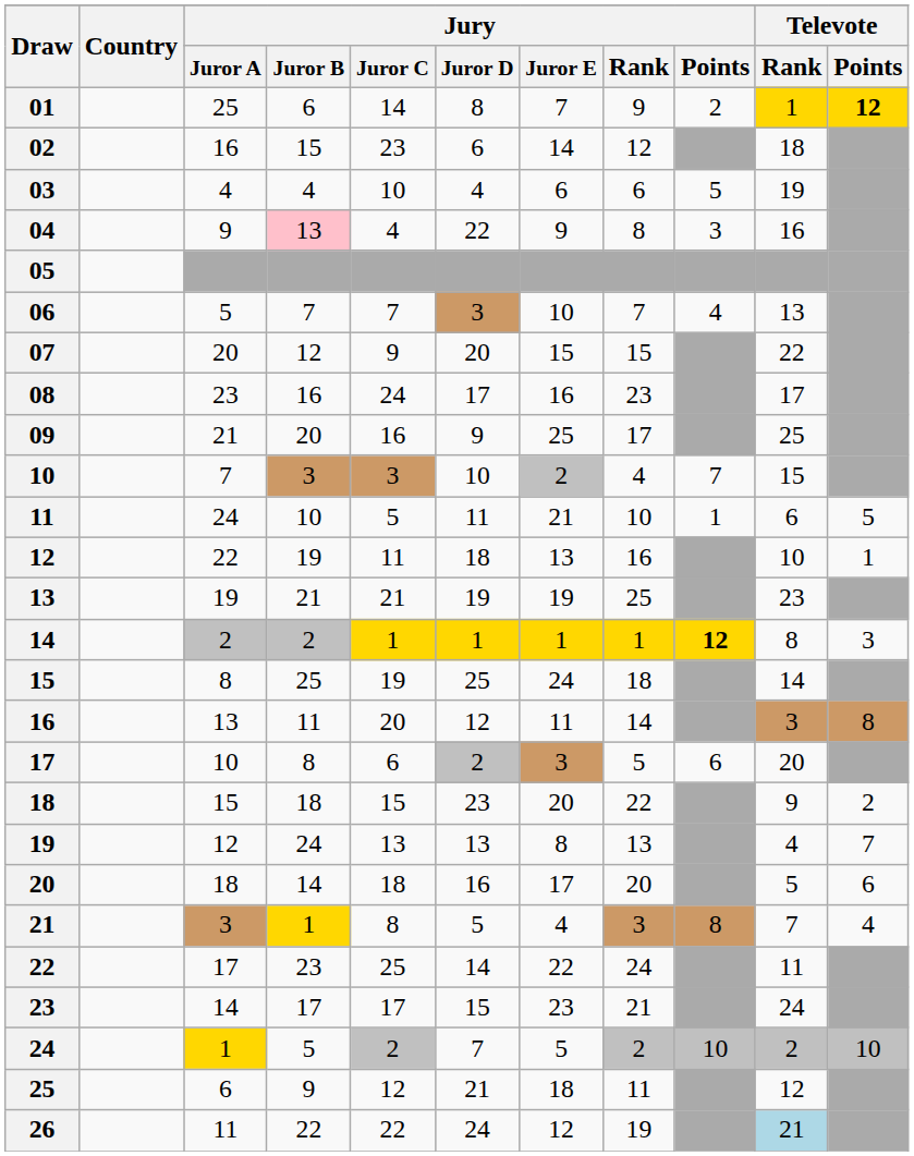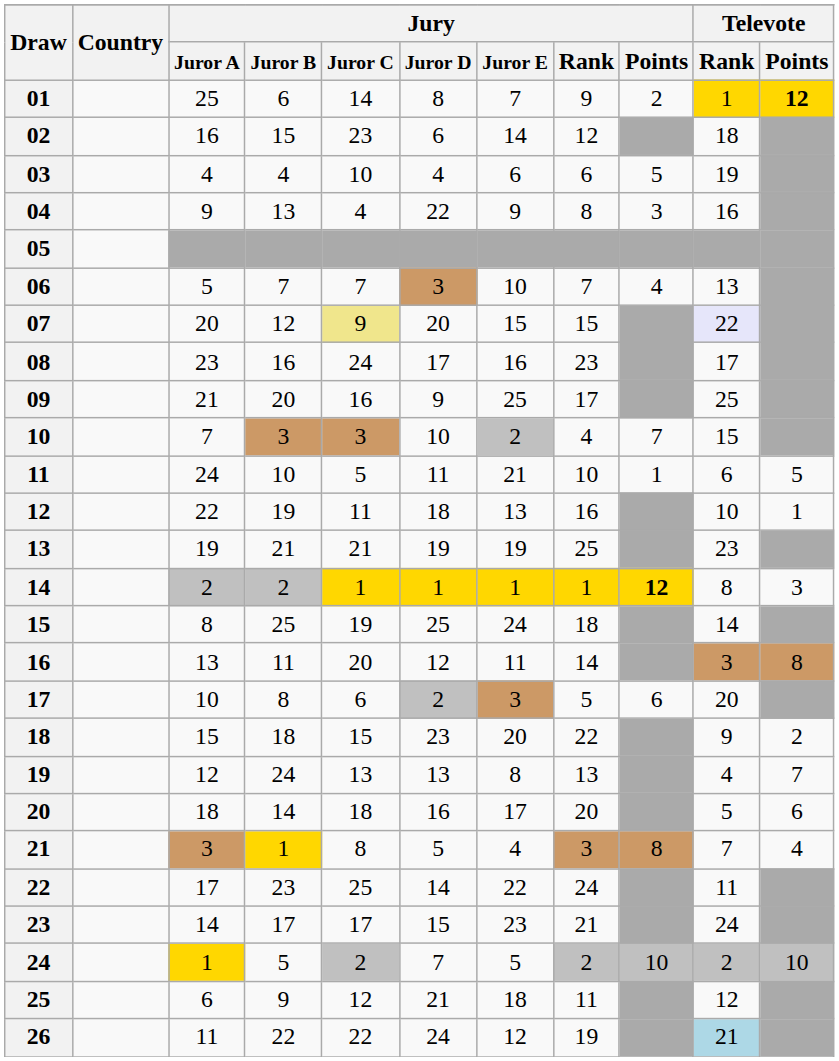 <table class="sortable wikitable collapsible plainrowheaders" style="text-align:center;">
 <tr>
 </tr>
 <tr>
 <th scope="col" rowspan="2">Draw</th>
 <th scope="col" rowspan="2">Country</th>
 <th scope="col" colspan="7">Jury</th>
 <th scope="col" colspan="2">Televote</th>
 </tr>
 <tr>
 <th scope="col"><small>Juror A</small></th>
 <th scope="col"><small>Juror B</small></th>
 <th scope="col"><small>Juror C</small></th>
 <th scope="col"><small>Juror D</small></th>
 <th scope="col"><small>Juror E</small></th>
 <th scope="col">Rank</th>
 <th scope="col">Points</th>
 <th scope="col">Rank</th>
 <th scope="col">Points</th>
 </tr>
 <tr>
 <th scope="row" style="text-align:center;">01</th>
 <td style="text-align:left;"></td>
 <td>25</td>
 <td>6</td>
 <td>14</td>
 <td>8</td>
 <td>7</td>
 <td>9</td>
 <td>2</td>
 <td style="background:gold;">1</td>
 <td style="background:gold;"><strong>12</strong></td>
 </tr>
 <tr>
 <th scope="row" style="text-align:center;">02</th>
 <td style="text-align:left;"></td>
 <td>16</td>
 <td>15</td>
 <td>23</td>
 <td>6</td>
 <td>14</td>
 <td>12</td>
 <td style="background:#AAAAAA;"></td>
 <td>18</td>
 <td style="background:#AAAAAA;"></td>
 </tr>
 <tr>
 <th scope="row" style="text-align:center;">03</th>
 <td style="text-align:left;"></td>
 <td>4</td>
 <td>4</td>
 <td>10</td>
 <td>4</td>
 <td>6</td>
 <td>6</td>
 <td>5</td>
 <td>19</td>
 <td style="background:#AAAAAA;"></td>
 </tr>
 <tr>
 <th scope="row" style="text-align:center;">04</th>
 <td style="text-align:left;"></td>
 <td>9</td>
-<td style="background: pink;">13</td>
+<td>13</td>
 <td>4</td>
 <td>22</td>
 <td>9</td>
 <td>8</td>
 <td>3</td>
 <td>16</td>
 <td style="background:#AAAAAA;"></td>
 </tr>
 <tr class="sortbottom">
 <th scope="row" style="text-align:center;">05</th>
 <td style="text-align:left;"></td>
 <td style="background:#AAAAAA;"></td>
 <td style="background:#AAAAAA;"></td>
 <td style="background:#AAAAAA;"></td>
 <td style="background:#AAAAAA;"></td>
 <td style="background:#AAAAAA;"></td>
 <td style="background:#AAAAAA;"></td>
 <td style="background:#AAAAAA;"></td>
 <td style="background:#AAAAAA;"></td>
 <td style="background:#AAAAAA;"></td>
 </tr>
 <tr>
 <th scope="row" style="text-align:center;">06</th>
 <td style="text-align:left;"></td>
 <td>5</td>
 <td>7</td>
 <td>7</td>
 <td style="background:#CC9966;">3</td>
 <td>10</td>
 <td>7</td>
 <td>4</td>
 <td>13</td>
 <td style="background:#AAAAAA;"></td>
 </tr>
 <tr>
 <th scope="row" style="text-align:center;">07</th>
 <td style="text-align:left;"></td>
 <td>20</td>
 <td>12</td>
-<td>9</td>
+<td style="background: khaki;">9</td>
 <td>20</td>
 <td>15</td>
 <td>15</td>
 <td style="background:#AAAAAA;"></td>
-<td>22</td>
+<td style="background: lavender;">22</td>
 <td style="background:#AAAAAA;"></td>
 </tr>
 <tr>
 <th scope="row" style="text-align:center;">08</th>
 <td style="text-align:left;"></td>
 <td>23</td>
 <td>16</td>
 <td>24</td>
 <td>17</td>
 <td>16</td>
 <td>23</td>
 <td style="background:#AAAAAA;"></td>
 <td>17</td>
 <td style="background:#AAAAAA;"></td>
 </tr>
 <tr>
 <th scope="row" style="text-align:center;">09</th>
 <td style="text-align:left;"></td>
 <td>21</td>
 <td>20</td>
 <td>16</td>
 <td>9</td>
 <td>25</td>
 <td>17</td>
 <td style="background:#AAAAAA;"></td>
 <td>25</td>
 <td style="background:#AAAAAA;"></td>
 </tr>
 <tr>
 <th scope="row" style="text-align:center;">10</th>
 <td style="text-align:left;"></td>
 <td>7</td>
 <td style="background:#CC9966;">3</td>
 <td style="background:#CC9966;">3</td>
 <td>10</td>
 <td style="background:silver;">2</td>
 <td>4</td>
 <td>7</td>
 <td>15</td>
 <td style="background:#AAAAAA;"></td>
 </tr>
 <tr>
 <th scope="row" style="text-align:center;">11</th>
 <td style="text-align:left;"></td>
 <td>24</td>
 <td>10</td>
 <td>5</td>
 <td>11</td>
 <td>21</td>
 <td>10</td>
 <td>1</td>
 <td>6</td>
 <td>5</td>
 </tr>
 <tr>
 <th scope="row" style="text-align:center;">12</th>
 <td style="text-align:left;"></td>
 <td>22</td>
 <td>19</td>
 <td>11</td>
 <td>18</td>
 <td>13</td>
 <td>16</td>
 <td style="background:#AAAAAA;"></td>
 <td>10</td>
 <td>1</td>
 </tr>
 <tr>
 <th scope="row" style="text-align:center;">13</th>
 <td style="text-align:left;"></td>
 <td>19</td>
 <td>21</td>
 <td>21</td>
 <td>19</td>
 <td>19</td>
 <td>25</td>
 <td style="background:#AAAAAA;"></td>
 <td>23</td>
 <td style="background:#AAAAAA;"></td>
 </tr>
 <tr>
 <th scope="row" style="text-align:center;">14</th>
 <td style="text-align:left;"></td>
 <td style="background:silver;">2</td>
 <td style="background:silver;">2</td>
 <td style="background:gold;">1</td>
 <td style="background:gold;">1</td>
 <td style="background:gold;">1</td>
 <td style="background:gold;">1</td>
 <td style="background:gold;"><strong>12</strong></td>
 <td>8</td>
 <td>3</td>
 </tr>
 <tr>
 <th scope="row" style="text-align:center;">15</th>
 <td style="text-align:left;"></td>
 <td>8</td>
 <td>25</td>
 <td>19</td>
 <td>25</td>
 <td>24</td>
 <td>18</td>
 <td style="background:#AAAAAA;"></td>
 <td>14</td>
 <td style="background:#AAAAAA;"></td>
 </tr>
 <tr>
 <th scope="row" style="text-align:center;">16</th>
 <td style="text-align:left;"></td>
 <td>13</td>
 <td>11</td>
 <td>20</td>
 <td>12</td>
 <td>11</td>
 <td>14</td>
 <td style="background:#AAAAAA;"></td>
 <td style="background:#CC9966;">3</td>
 <td style="background:#CC9966;">8</td>
 </tr>
 <tr>
 <th scope="row" style="text-align:center;">17</th>
 <td style="text-align:left;"></td>
 <td>10</td>
 <td>8</td>
 <td>6</td>
 <td style="background:silver;">2</td>
 <td style="background:#CC9966;">3</td>
 <td>5</td>
 <td>6</td>
 <td>20</td>
 <td style="background:#AAAAAA;"></td>
 </tr>
 <tr>
 <th scope="row" style="text-align:center;">18</th>
 <td style="text-align:left;"></td>
 <td>15</td>
 <td>18</td>
 <td>15</td>
 <td>23</td>
 <td>20</td>
 <td>22</td>
 <td style="background:#AAAAAA;"></td>
 <td>9</td>
 <td>2</td>
 </tr>
 <tr>
 <th scope="row" style="text-align:center;">19</th>
 <td style="text-align:left;"></td>
 <td>12</td>
 <td>24</td>
 <td>13</td>
 <td>13</td>
 <td>8</td>
 <td>13</td>
 <td style="background:#AAAAAA;"></td>
 <td>4</td>
 <td>7</td>
 </tr>
 <tr>
 <th scope="row" style="text-align:center;">20</th>
 <td style="text-align:left;"></td>
 <td>18</td>
 <td>14</td>
 <td>18</td>
 <td>16</td>
 <td>17</td>
 <td>20</td>
 <td style="background:#AAAAAA;"></td>
 <td>5</td>
 <td>6</td>
 </tr>
 <tr>
 <th scope="row" style="text-align:center;">21</th>
 <td style="text-align:left;"></td>
 <td style="background:#CC9966;">3</td>
 <td style="background:gold;">1</td>
 <td>8</td>
 <td>5</td>
 <td>4</td>
 <td style="background:#CC9966;">3</td>
 <td style="background:#CC9966;">8</td>
 <td>7</td>
 <td>4</td>
 </tr>
 <tr>
 <th scope="row" style="text-align:center;">22</th>
 <td style="text-align:left;"></td>
 <td>17</td>
 <td>23</td>
 <td>25</td>
 <td>14</td>
 <td>22</td>
 <td>24</td>
 <td style="background:#AAAAAA;"></td>
 <td>11</td>
 <td style="background:#AAAAAA;"></td>
 </tr>
 <tr>
 <th scope="row" style="text-align:center;">23</th>
 <td style="text-align:left;"></td>
 <td>14</td>
 <td>17</td>
 <td>17</td>
 <td>15</td>
 <td>23</td>
 <td>21</td>
 <td style="background:#AAAAAA;"></td>
 <td>24</td>
 <td style="background:#AAAAAA;"></td>
 </tr>
 <tr>
 <th scope="row" style="text-align:center;">24</th>
 <td style="text-align:left;"></td>
 <td style="background:gold;">1</td>
 <td>5</td>
 <td style="background:silver;">2</td>
 <td>7</td>
 <td>5</td>
 <td style="background:silver;">2</td>
 <td style="background:silver;">10</td>
 <td style="background:silver;">2</td>
 <td style="background:silver;">10</td>
 </tr>
 <tr>
 <th scope="row" style="text-align:center;">25</th>
 <td style="text-align:left;"></td>
 <td>6</td>
 <td>9</td>
 <td>12</td>
 <td>21</td>
 <td>18</td>
 <td>11</td>
 <td style="background:#AAAAAA;"></td>
 <td>12</td>
 <td style="background:#AAAAAA;"></td>
 </tr>
 <tr>
 <th scope="row" style="text-align:center;">26</th>
 <td style="text-align:left;"></td>
 <td>11</td>
 <td>22</td>
 <td>22</td>
 <td>24</td>
 <td>12</td>
 <td>19</td>
 <td style="background:#AAAAAA;"></td>
 <td style="background: lightblue;">21</td>
 <td style="background:#AAAAAA;"></td>
 </tr>
 </table>
